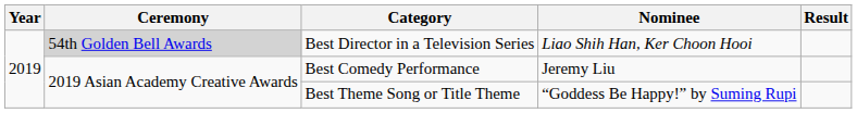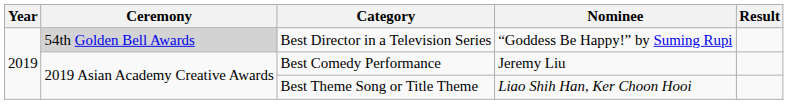 <table class="wikitable">
 <tr>
 <th>Year</th>
 <th>Ceremony</th>
 <th>Category</th>
 <th>Nominee</th>
 <th>Result</th>
 </tr>
 <tr>
 <td rowspan=3>2019</td>
 <td style="background: lightgrey;">54th <a href='#'>Golden Bell Awards</a></td>
 <td>Best Director in a Television Series</td>
-<td><em>Liao Shih Han, Ker Choon Hooi</em></td>
+<td>“Goddess Be Happy!” by <a href='#'>Suming Rupi</a></td>
 <td></td>
 </tr>
 <tr>
 <td rowspan=2>2019 Asian Academy Creative Awards</td>
 <td>Best Comedy Performance</td>
 <td>Jeremy Liu</td>
 <td></td>
 </tr>
 <tr>
 <td>Best Theme Song or Title Theme</td>
-<td>“Goddess Be Happy!” by <a href='#'>Suming Rupi</a></td>
+<td><em>Liao Shih Han, Ker Choon Hooi</em></td>
 <td></td>
 </tr>
 </table>
